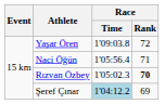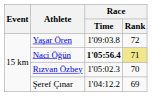 <table class="wikitable" border="1" style="font-size:90%">
 <tr>
 <th rowspan=2>Event</th>
 <th rowspan=2>Athlete</th>
 <th colspan=2>Race</th>
 </tr>
 <tr>
 <th>Time</th>
 <th>Rank</th>
 </tr>
 <tr>
 <td rowspan=4>15 km</td>
 <td><a href='#'>Yaşar Ören</a></td>
 <td align=center>1'09:03.8</td>
 <td align=center>72</td>
 </tr>
 <tr>
 <td><a href='#'>Naci Öğün</a></td>
-<td align=center>1'05:56.4</td>
-<td align=center>71</td>
+<td align=center><strong>1'05:56.4</strong></td>
+<td align=center style="background: khaki;">71</td>
 </tr>
 <tr>
 <td><a href='#'>Rızvan Özbey</a></td>
 <td align=center>1'05:02.3</td>
-<td align=center><strong>70</strong></td>
+<td align=center>70</td>
 </tr>
 <tr>
 <td>Şeref Çınar</td>
-<td align=center style="background: lightblue;">1'04:12.2</td>
+<td align=center>1'04:12.2</td>
 <td align=center>69</td>
 </tr>
 </table>
